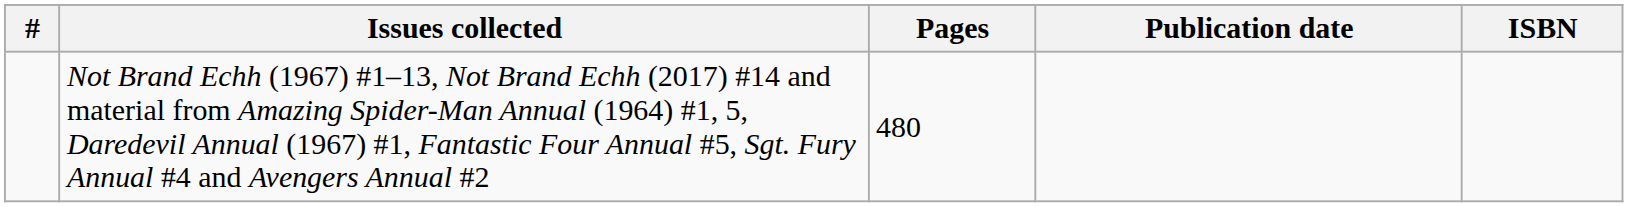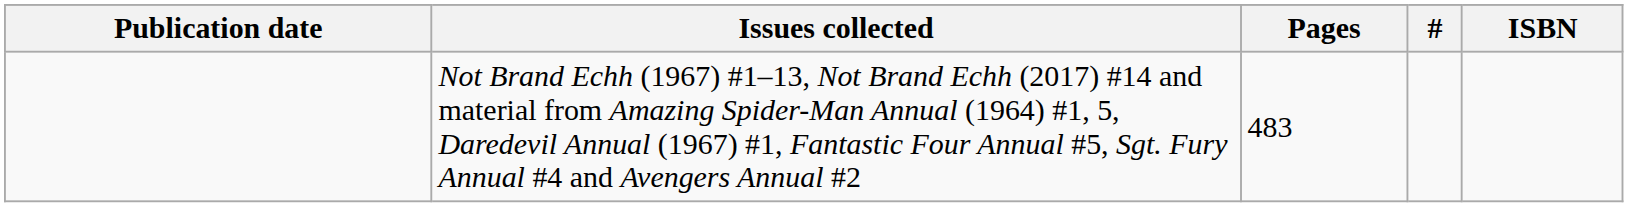 <table class="wikitable sortable" width=98%>
 <tr>
-<th class="unsortable">#</th>
+<th>Publication date</th>
 <th class="unsortable" width="50%">Issues collected</th>
 <th>Pages</th>
-<th>Publication date</th>
+<th class="unsortable">#</th>
 <th class="unsortable">ISBN</th>
 </tr>
 <tr>
 <td></td>
 <td><em>Not Brand Echh</em> (1967) #1–13, <em>Not Brand Echh</em> (2017) #14 and material from <em>Amazing Spider-Man Annual</em> (1964) #1, 5, <em>Daredevil Annual</em> (1967) #1, <em>Fantastic Four Annual</em> #5, <em>Sgt. Fury Annual</em> #4 and <em>Avengers Annual</em> #2</td>
-<td>480</td>
+<td>483</td>
 <td></td>
 <td></td>
 </tr>
 </table>
